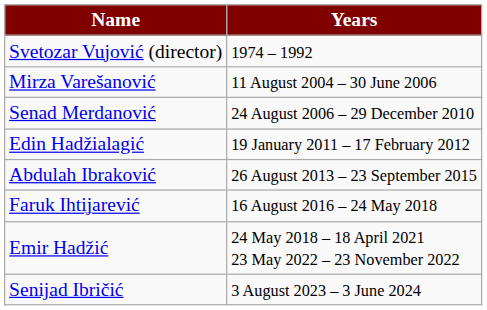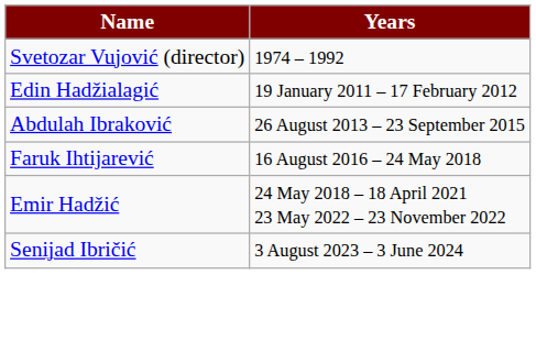 <table class="wikitable">
 <tr>
 <th style="color:#FFFFFF;background:#800000;">Name</th>
 <th style="color:#FFFFFF;background:#800000;">Years</th>
 </tr>
 <tr>
 <td><a href='#'>Svetozar Vujović</a> (director)</td>
 <td><small>1974 – 1992</small></td>
-</tr>
-<tr>
-<td><a href='#'>Mirza Varešanović</a></td>
-<td><small>11 August 2004 – 30 June 2006</small></td>
-</tr>
-<tr>
-<td><a href='#'>Senad Merdanović</a></td>
-<td><small>24 August 2006 – 29 December 2010</small></td>
 </tr>
 <tr>
 <td><a href='#'>Edin Hadžialagić</a></td>
 <td><small>19 January 2011 – 17 February 2012</small></td>
 </tr>
 <tr>
 <td><a href='#'>Abdulah Ibraković</a></td>
 <td><small>26 August 2013 – 23 September 2015</small></td>
 </tr>
 <tr>
 <td><a href='#'>Faruk Ihtijarević</a></td>
 <td><small>16 August 2016 – 24 May 2018 </small></td>
 </tr>
 <tr>
 <td><a href='#'>Emir Hadžić</a></td>
 <td><small>24 May 2018 – 18 April 2021</small><br><small>23 May 2022 – 23 November 2022</small></td>
 </tr>
 <tr>
 <td><a href='#'>Senijad Ibričić</a></td>
 <td><small>3 August 2023 – 3 June 2024</small></td>
 </tr>
 </table>
